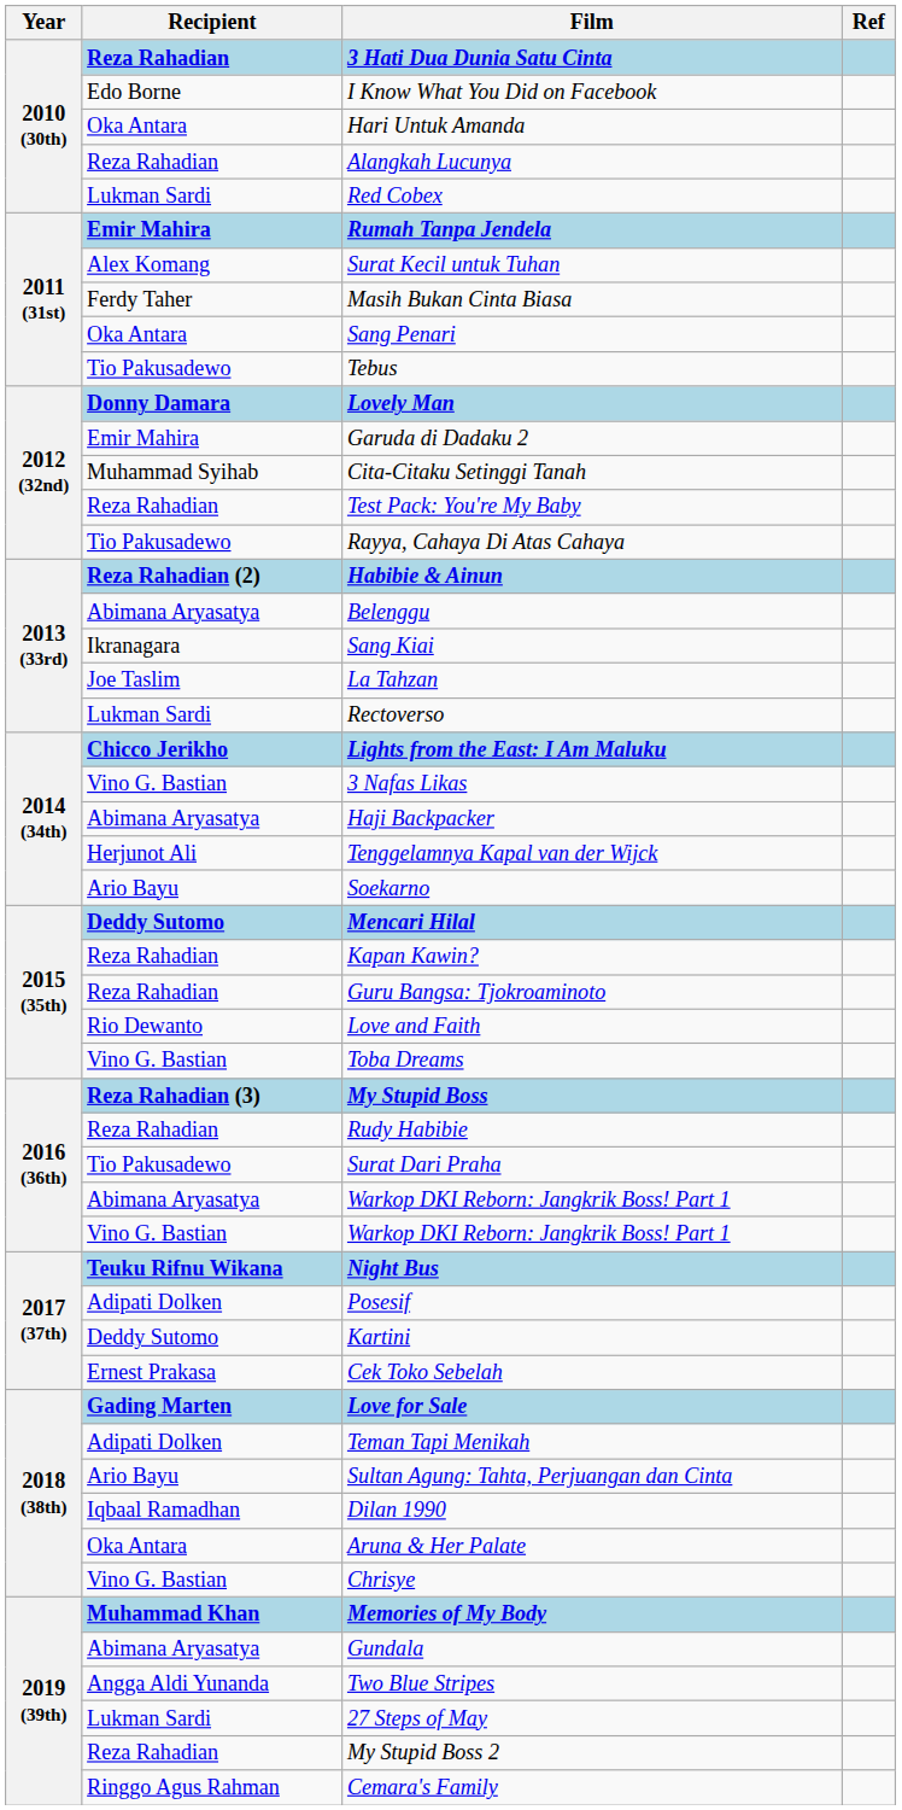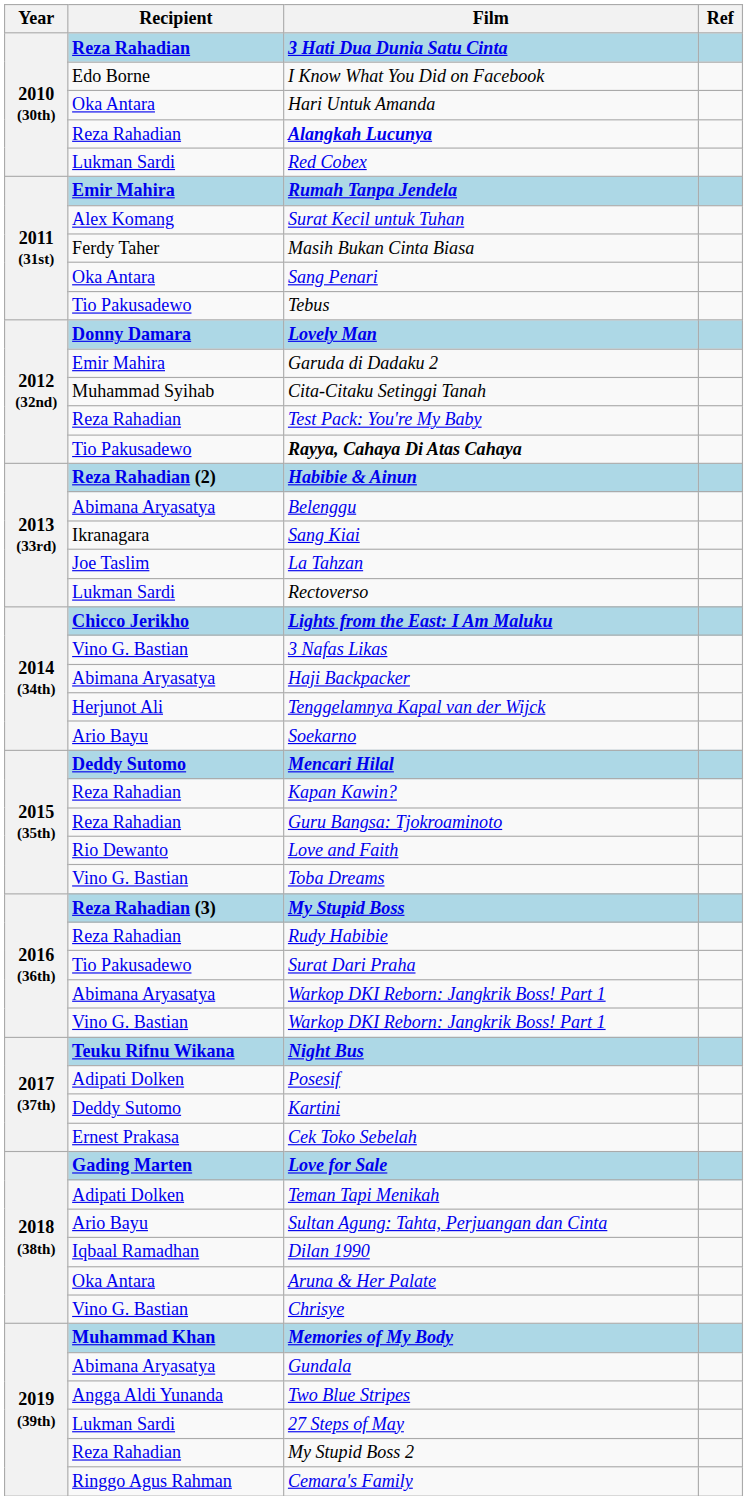 <table class="wikitable plainrowheaders sortable" style="width: 74%;">
 <tr>
 <th scope="col">Year</th>
 <th scope="col">Recipient</th>
 <th scope="col">Film</th>
 <th scope="col" class="unsortable">Ref</th>
 </tr>
 <tr>
 <th scope="row" rowspan="5" style="text-align:center;"><strong>2010</strong><br><small>(30th)</small></th>
 <td scope="row" style="background:lightblue;"><strong><a href='#'>Reza Rahadian</a></strong></td>
 <td style="background:lightblue;"><strong><em><a href='#'>3 Hati Dua Dunia Satu Cinta</a></em></strong></td>
 <td style="background:lightblue;"></td>
 </tr>
 <tr>
 <td scope="row">Edo Borne</td>
 <td><em>I Know What You Did on Facebook</em></td>
 <td></td>
 </tr>
 <tr>
 <td scope="row"><a href='#'>Oka Antara</a></td>
 <td><em>Hari Untuk Amanda</em></td>
 <td></td>
 </tr>
 <tr>
 <td scope="row"><a href='#'>Reza Rahadian</a></td>
-<td><em><a href='#'>Alangkah Lucunya</a></em></td>
+<td><strong><em><a href='#'>Alangkah Lucunya</a></em></strong></td>
 <td></td>
 </tr>
 <tr>
 <td scope="row"><a href='#'>Lukman Sardi</a></td>
 <td><em><a href='#'>Red Cobex</a></em></td>
 <td></td>
 </tr>
 <tr>
 <th scope="row" rowspan="5" style="text-align:center;"><strong>2011</strong><br><small>(31st)</small></th>
 <td scope="row" style="background:lightblue;"><strong><a href='#'>Emir Mahira</a></strong></td>
 <td style="background:lightblue;"><strong><em><a href='#'>Rumah Tanpa Jendela</a></em></strong></td>
 <td style="background:lightblue;"></td>
 </tr>
 <tr>
 <td scope="row"><a href='#'>Alex Komang</a></td>
 <td><em><a href='#'>Surat Kecil untuk Tuhan</a></em></td>
 <td></td>
 </tr>
 <tr>
 <td scope="row">Ferdy Taher</td>
 <td><em>Masih Bukan Cinta Biasa</em></td>
 <td></td>
 </tr>
 <tr>
 <td scope="row"><a href='#'>Oka Antara</a></td>
 <td><em><a href='#'>Sang Penari</a></em></td>
 <td></td>
 </tr>
 <tr>
 <td scope="row"><a href='#'>Tio Pakusadewo</a></td>
 <td><em>Tebus</em></td>
 <td></td>
 </tr>
 <tr>
 <th scope="row" rowspan="5" style="text-align:center;"><strong>2012</strong><br><small>(32nd)</small></th>
 <td scope="row" style="background:lightblue;"><strong><a href='#'>Donny Damara</a></strong></td>
 <td style="background:lightblue;"><strong><em><a href='#'>Lovely Man</a></em></strong></td>
 <td style="background:lightblue;"></td>
 </tr>
 <tr>
 <td scope="row"><a href='#'>Emir Mahira</a></td>
 <td><em>Garuda di Dadaku 2</em></td>
 <td></td>
 </tr>
 <tr>
 <td scope="row">Muhammad Syihab</td>
 <td><em>Cita-Citaku Setinggi Tanah</em></td>
 <td></td>
 </tr>
 <tr>
 <td scope="row"><a href='#'>Reza Rahadian</a></td>
 <td><em><a href='#'>Test Pack: You're My Baby</a></em></td>
 <td></td>
 </tr>
 <tr>
 <td scope="row"><a href='#'>Tio Pakusadewo</a></td>
-<td><em>Rayya, Cahaya Di Atas Cahaya</em></td>
+<td><strong><em>Rayya, Cahaya Di Atas Cahaya</em></strong></td>
 <td></td>
 </tr>
 <tr>
 <th scope="row" rowspan="5" style="text-align:center;"><strong>2013</strong><br><small>(33rd)</small></th>
 <td scope="row" style="background:lightblue;"><strong><a href='#'>Reza Rahadian</a> (2)</strong></td>
 <td style="background:lightblue;"><strong><em><a href='#'>Habibie & Ainun</a></em></strong></td>
 <td style="background:lightblue;"></td>
 </tr>
 <tr>
 <td scope="row"><a href='#'>Abimana Aryasatya</a></td>
 <td><em><a href='#'>Belenggu</a></em></td>
 <td></td>
 </tr>
 <tr>
 <td scope="row">Ikranagara</td>
 <td><em><a href='#'>Sang Kiai</a></em></td>
 <td></td>
 </tr>
 <tr>
 <td scope="row"><a href='#'>Joe Taslim</a></td>
 <td><em><a href='#'>La Tahzan</a></em></td>
 <td></td>
 </tr>
 <tr>
 <td scope="row"><a href='#'>Lukman Sardi</a></td>
 <td><em>Rectoverso</em></td>
 <td></td>
 </tr>
 <tr>
 <th scope="row" rowspan="5" style="text-align:center;"><strong>2014</strong><br><small>(34th)</small></th>
 <td scope="row" style="background:lightblue;"><strong><a href='#'>Chicco Jerikho</a></strong></td>
 <td style="background:lightblue;"><strong><em><a href='#'>Lights from the East: I Am Maluku</a></em></strong></td>
 <td style="background:lightblue;"></td>
 </tr>
 <tr>
 <td scope="row"><a href='#'>Vino G. Bastian</a></td>
 <td><em><a href='#'>3 Nafas Likas</a></em></td>
 <td></td>
 </tr>
 <tr>
 <td scope="row"><a href='#'>Abimana Aryasatya</a></td>
 <td><em><a href='#'>Haji Backpacker</a></em></td>
 <td></td>
 </tr>
 <tr>
 <td scope="row"><a href='#'>Herjunot Ali</a></td>
 <td><em><a href='#'>Tenggelamnya Kapal van der Wijck</a></em></td>
 <td></td>
 </tr>
 <tr>
 <td scope="row"><a href='#'>Ario Bayu</a></td>
 <td><em><a href='#'>Soekarno</a></em></td>
 <td></td>
 </tr>
 <tr>
 <th scope="row" rowspan="5" style="text-align:center;"><strong>2015</strong><br><small>(35th)</small></th>
 <td scope="row" style="background:lightblue;"><strong><a href='#'>Deddy Sutomo</a></strong></td>
 <td style="background:lightblue;"><strong><em><a href='#'>Mencari Hilal</a></em></strong></td>
 <td style="background:lightblue;"></td>
 </tr>
 <tr>
 <td scope="row"><a href='#'>Reza Rahadian</a></td>
 <td><em><a href='#'>Kapan Kawin?</a></em></td>
 <td></td>
 </tr>
 <tr>
 <td scope="row"><a href='#'>Reza Rahadian</a></td>
 <td><em><a href='#'>Guru Bangsa: Tjokroaminoto</a></em></td>
 <td></td>
 </tr>
 <tr>
 <td scope="row"><a href='#'>Rio Dewanto</a></td>
 <td><em><a href='#'>Love and Faith</a></em></td>
 <td></td>
 </tr>
 <tr>
 <td scope="row"><a href='#'>Vino G. Bastian</a></td>
 <td><em><a href='#'>Toba Dreams</a></em></td>
 <td></td>
 </tr>
 <tr>
 <th scope="row" rowspan="5" style="text-align:center;"><strong>2016</strong><br><small>(36th)</small></th>
 <td scope="row" scope="row" style="background:lightblue;"><strong><a href='#'>Reza Rahadian</a> (3)</strong></td>
 <td scope="row" style="background:lightblue;"><strong><em><a href='#'>My Stupid Boss</a></em></strong></td>
 <td scope="row" style="background:lightblue;"></td>
 </tr>
 <tr>
 <td scope="row"><a href='#'>Reza Rahadian</a></td>
 <td><em><a href='#'>Rudy Habibie</a></em></td>
 <td></td>
 </tr>
 <tr>
 <td scope="row"><a href='#'>Tio Pakusadewo</a></td>
 <td><em><a href='#'>Surat Dari Praha</a></em></td>
 <td></td>
 </tr>
 <tr>
 <td scope="row"><a href='#'>Abimana Aryasatya</a></td>
 <td><em><a href='#'>Warkop DKI Reborn: Jangkrik Boss! Part 1</a></em></td>
 <td></td>
 </tr>
 <tr>
 <td scope="row"><a href='#'>Vino G. Bastian</a></td>
 <td><em><a href='#'>Warkop DKI Reborn: Jangkrik Boss! Part 1</a></em></td>
 <td></td>
 </tr>
 <tr>
 <th scope="row" rowspan="4" style="text-align:center;"><strong>2017</strong><br><small>(37th)</small></th>
 <td scope="row" scope="row" style="background:lightblue;"><strong><a href='#'>Teuku Rifnu Wikana</a></strong></td>
 <td scope="row" style="background:lightblue;"><em><a href='#'><strong>Night Bus</strong></a></em></td>
 <td scope="row" style="background:lightblue;"></td>
 </tr>
 <tr>
 <td scope="row"><a href='#'>Adipati Dolken</a></td>
 <td><em><a href='#'>Posesif</a></em></td>
 <td></td>
 </tr>
 <tr>
 <td scope="row"><a href='#'>Deddy Sutomo</a></td>
 <td><em><a href='#'>Kartini</a></em></td>
 <td></td>
 </tr>
 <tr>
 <td scope="row"><a href='#'>Ernest Prakasa</a></td>
 <td><em><a href='#'>Cek Toko Sebelah</a></em></td>
 <td></td>
 </tr>
 <tr>
 <th scope="row" rowspan="6" style="text-align:center;"><strong>2018</strong><br><small>(38th)</small></th>
 <td scope="row" scope="row" style="background:lightblue;"><strong><a href='#'>Gading Marten</a></strong></td>
 <td scope="row" style="background:lightblue;"><em><a href='#'><strong>Love for Sale</strong></a></em></td>
 <td scope="row" style="background:lightblue;"></td>
 </tr>
 <tr>
 <td scope="row"><a href='#'>Adipati Dolken</a></td>
 <td><em><a href='#'>Teman Tapi Menikah</a></em></td>
 <td></td>
 </tr>
 <tr>
 <td scope="row"><a href='#'>Ario Bayu</a></td>
 <td><em><a href='#'>Sultan Agung: Tahta, Perjuangan dan Cinta</a></em></td>
 <td></td>
 </tr>
 <tr>
 <td scope="row"><a href='#'>Iqbaal Ramadhan</a></td>
 <td><em><a href='#'>Dilan 1990</a></em></td>
 <td></td>
 </tr>
 <tr>
 <td scope="row"><a href='#'>Oka Antara</a></td>
 <td><em><a href='#'>Aruna & Her Palate</a></em></td>
 <td></td>
 </tr>
 <tr>
 <td scope="row"><a href='#'>Vino G. Bastian</a></td>
 <td><em><a href='#'>Chrisye</a></em></td>
 <td></td>
 </tr>
 <tr>
 <th scope="row" rowspan="6" style="text-align:center;"><strong>2019</strong><br><small>(39th)</small></th>
 <td scope="row" scope="row" style="background:lightblue;"><a href='#'><strong>Muhammad Khan</strong></a></td>
 <td scope="row" style="background:lightblue;"><strong><em><a href='#'>Memories of My Body</a></em></strong></td>
 <td scope="row" style="background:lightblue;"></td>
 </tr>
 <tr>
 <td scope="row"><a href='#'>Abimana Aryasatya</a></td>
 <td><em><a href='#'>Gundala</a></em></td>
 <td></td>
 </tr>
 <tr>
 <td scope="row"><a href='#'>Angga Aldi Yunanda</a></td>
 <td><em><a href='#'>Two Blue Stripes</a></em></td>
 <td></td>
 </tr>
 <tr>
 <td scope="row"><a href='#'>Lukman Sardi</a></td>
 <td><em><a href='#'>27 Steps of May</a></em></td>
 <td></td>
 </tr>
 <tr>
 <td scope="row"><a href='#'>Reza Rahadian</a></td>
 <td><em>My Stupid Boss 2</em></td>
 <td></td>
 </tr>
 <tr>
 <td scope="row"><a href='#'>Ringgo Agus Rahman</a></td>
 <td><em><a href='#'>Cemara's Family</a></em></td>
 <td></td>
 </tr>
 </table>
